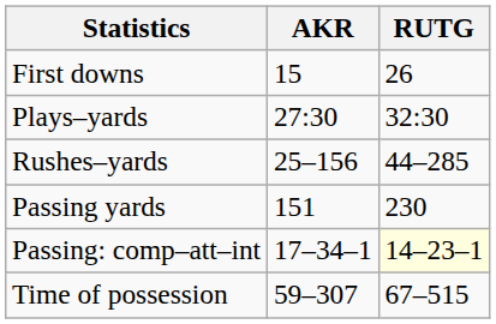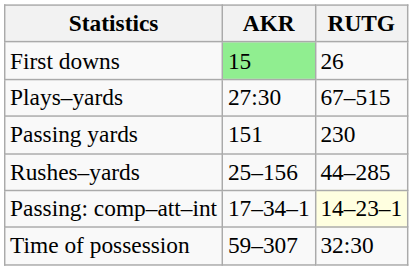 <table class="wikitable" style="float:left">
 <tr>
 <th>Statistics</th>
 <th>AKR</th>
 <th>RUTG</th>
 </tr>
 <tr>
 <td>First downs</td>
-<td>15</td>
+<td style="background: lightgreen;">15</td>
 <td>26</td>
 </tr>
 <tr>
 <td>Plays–yards</td>
 <td>27:30</td>
-<td>32:30</td>
+<td>67–515</td>
+</tr>
+<tr>
+<td>Passing yards</td>
+<td>151</td>
+<td>230</td>
 </tr>
 <tr>
 <td>Rushes–yards</td>
 <td>25–156</td>
 <td>44–285</td>
-</tr>
-<tr>
-<td>Passing yards</td>
-<td>151</td>
-<td>230</td>
 </tr>
 <tr>
 <td>Passing: comp–att–int</td>
 <td>17–34–1</td>
 <td style="background: lightyellow;">14–23–1</td>
 </tr>
 <tr>
 <td>Time of possession</td>
 <td>59–307</td>
-<td>67–515</td>
+<td>32:30</td>
 </tr>
 </table>
